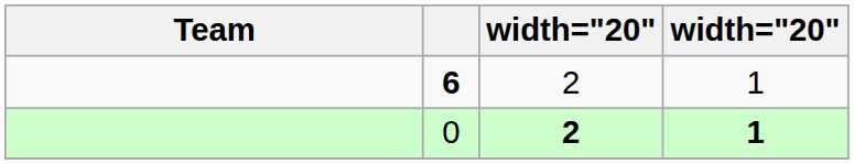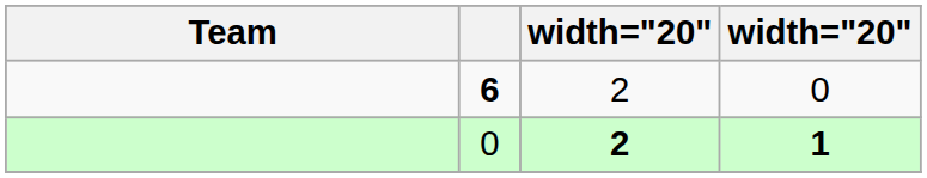 <table class="wikitable" style="text-align:center">
 <tr>
 <th width="200">Team</th>
 <th width="20"></th>
 <th>width="20" </th>
 <th>width="20" </th>
 </tr>
 <tr>
 <td align="left"></td>
 <td><strong>6</strong></td>
 <td>2</td>
-<td>1</td>
+<td>0</td>
 </tr>
 <tr style="background:#cfc">
 <td align="left"><strong></strong></td>
 <td>0</td>
 <td><strong>2</strong></td>
 <td><strong>1</strong></td>
 </tr>
 <tr>
 </tr>
 </table>
